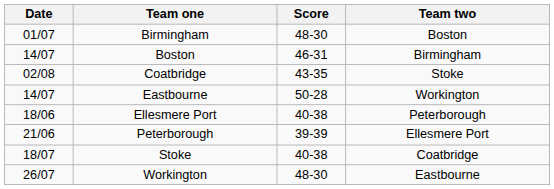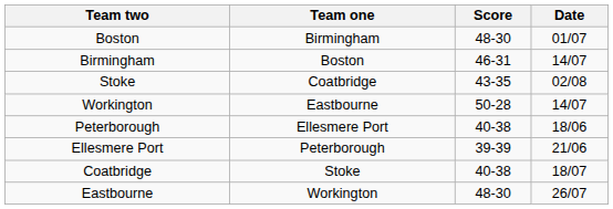 <table class="wikitable" style="text-align: center">
 <tr>
-<th width=80>Date</th>
+<th width=250>Team two</th>
 <th width=250>Team one</th>
 <th width=80>Score</th>
-<th width=250>Team two</th>
+<th width=80>Date</th>
 </tr>
 <tr>
-<td>01/07</td>
+<td>Boston</td>
 <td>Birmingham</td>
 <td>48-30</td>
-<td>Boston</td>
+<td>01/07</td>
 </tr>
 <tr>
-<td>14/07</td>
+<td>Birmingham</td>
 <td>Boston</td>
 <td>46-31</td>
-<td>Birmingham</td>
+<td>14/07</td>
 </tr>
 <tr>
-<td>02/08</td>
+<td>Stoke</td>
 <td>Coatbridge</td>
 <td>43-35</td>
-<td>Stoke</td>
+<td>02/08</td>
 </tr>
 <tr>
-<td>14/07</td>
+<td>Workington</td>
 <td>Eastbourne</td>
 <td>50-28</td>
-<td>Workington</td>
+<td>14/07</td>
 </tr>
 <tr>
-<td>18/06</td>
+<td>Peterborough</td>
 <td>Ellesmere Port</td>
 <td>40-38</td>
-<td>Peterborough</td>
+<td>18/06</td>
 </tr>
 <tr>
-<td>21/06</td>
+<td>Ellesmere Port</td>
 <td>Peterborough</td>
 <td>39-39</td>
-<td>Ellesmere Port</td>
+<td>21/06</td>
 </tr>
 <tr>
-<td>18/07</td>
+<td>Coatbridge</td>
 <td>Stoke</td>
 <td>40-38</td>
-<td>Coatbridge</td>
+<td>18/07</td>
 </tr>
 <tr>
-<td>26/07</td>
+<td>Eastbourne</td>
 <td>Workington</td>
 <td>48-30</td>
-<td>Eastbourne</td>
+<td>26/07</td>
 </tr>
 </table>
